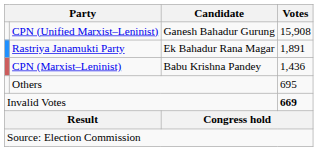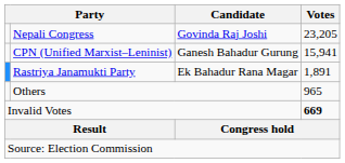 <table class="wikitable">
 <tr>
 <th colspan="2">Party</th>
 <th>Candidate</th>
 <th>Votes</th>
 </tr>
 <tr>
 <td style="background-color:"></td>
+<td><a href='#'>Nepali Congress</a></td>
+<td><a href='#'>Govinda Raj Joshi</a></td>
+<td>23,205</td>
+</tr>
+<tr>
+<td style="background-color:"></td>
 <td><a href='#'>CPN (Unified Marxist–Leninist)</a></td>
 <td>Ganesh Bahadur Gurung</td>
-<td>15,908</td>
+<td>15,941</td>
 </tr>
 <tr>
 <td style="background-color:dodgerblue"></td>
 <td><a href='#'>Rastriya Janamukti Party</a></td>
 <td>Ek Bahadur Rana Magar</td>
 <td>1,891</td>
 </tr>
 <tr>
-<td style="background-color:indianred"></td>
-<td><a href='#'>CPN (Marxist–Leninist)</a></td>
-<td>Babu Krishna Pandey</td>
-<td>1,436</td>
-</tr>
-<tr>
 <td></td>
 <td colspan="2">Others</td>
-<td>695</td>
+<td>965</td>
 </tr>
 <tr>
 <td colspan="3">Invalid Votes</td>
 <td><strong>669</strong></td>
 </tr>
 <tr>
 <th colspan="2">Result</th>
 <th colspan="2">Congress hold</th>
 </tr>
 <tr>
 <td colspan="4">Source: Election Commission</td>
 </tr>
 </table>
